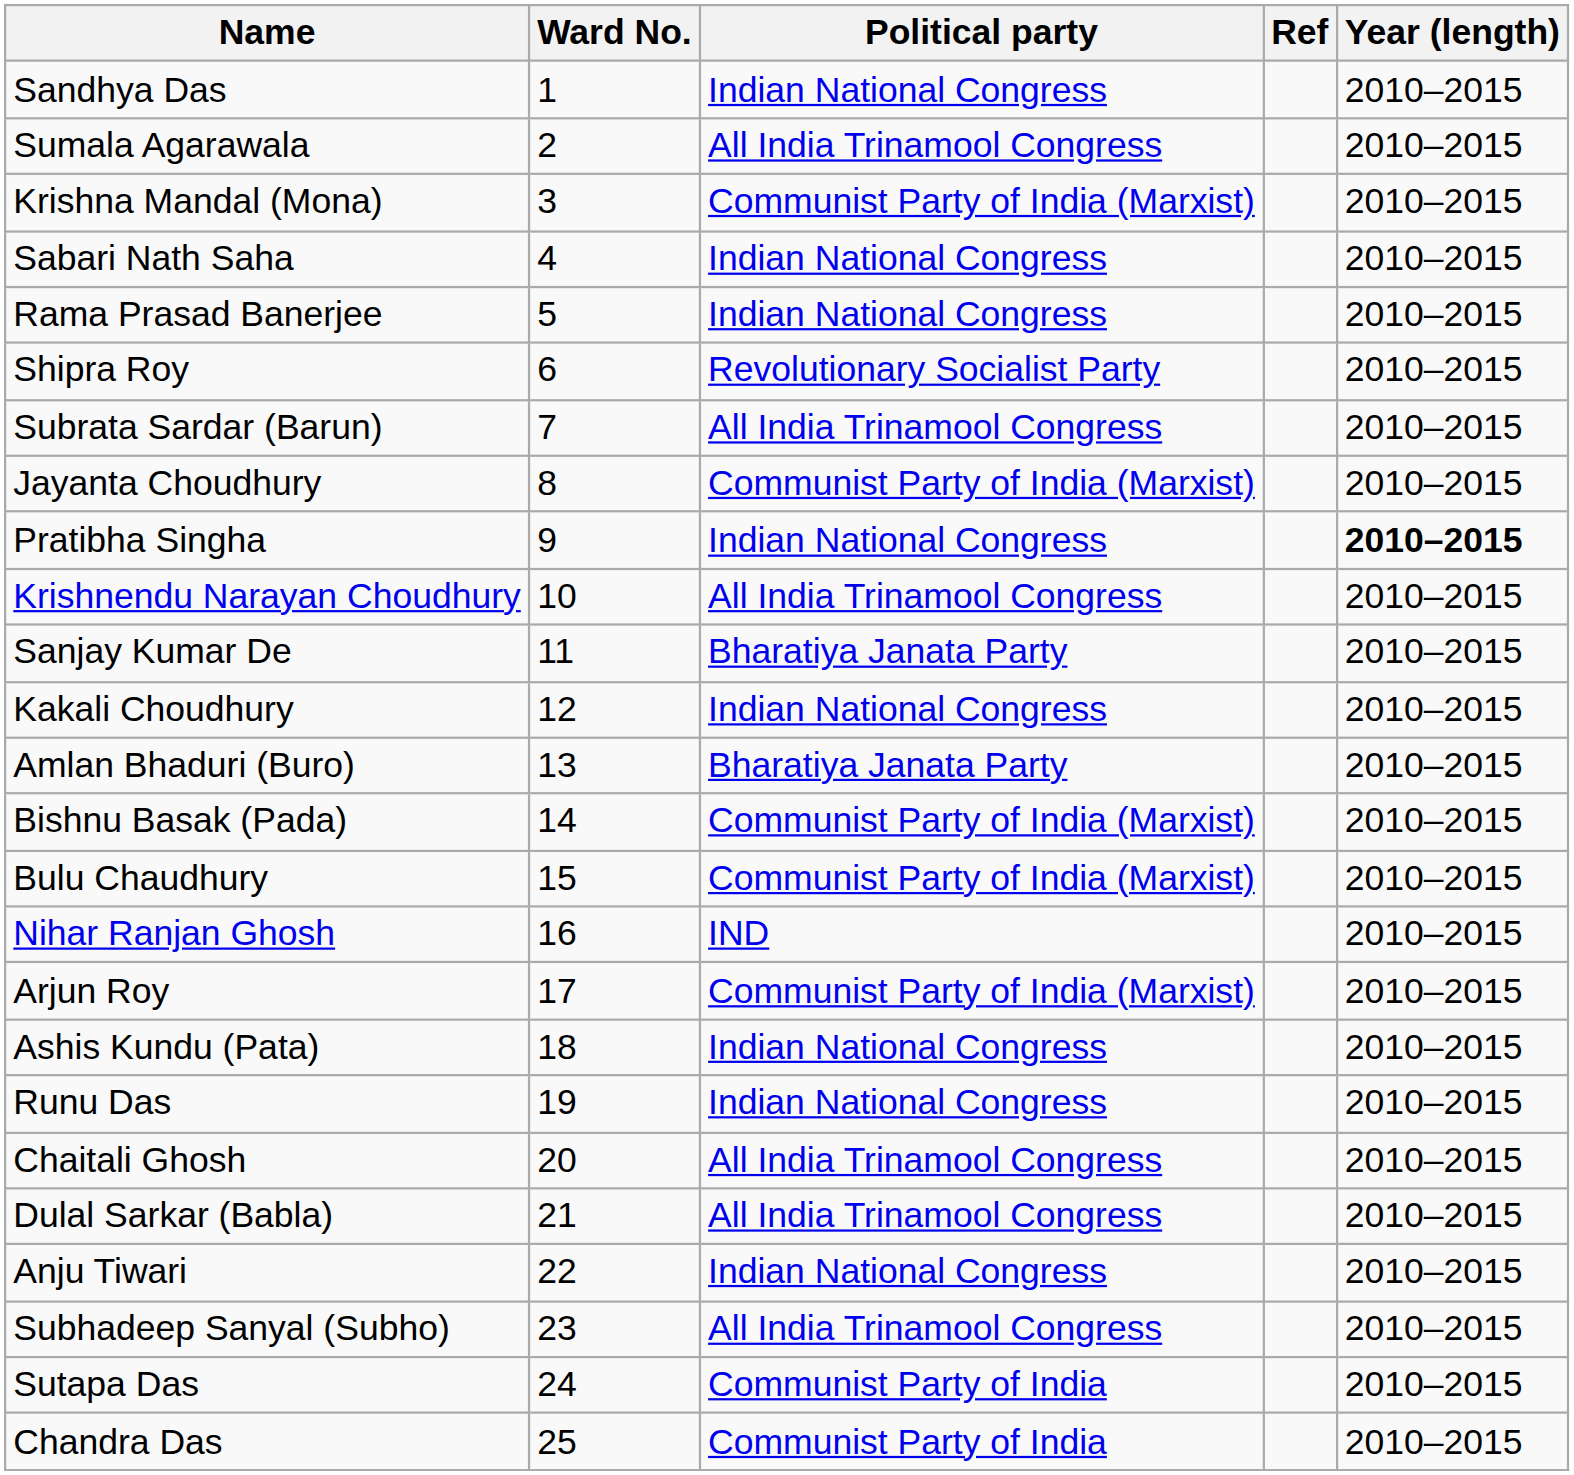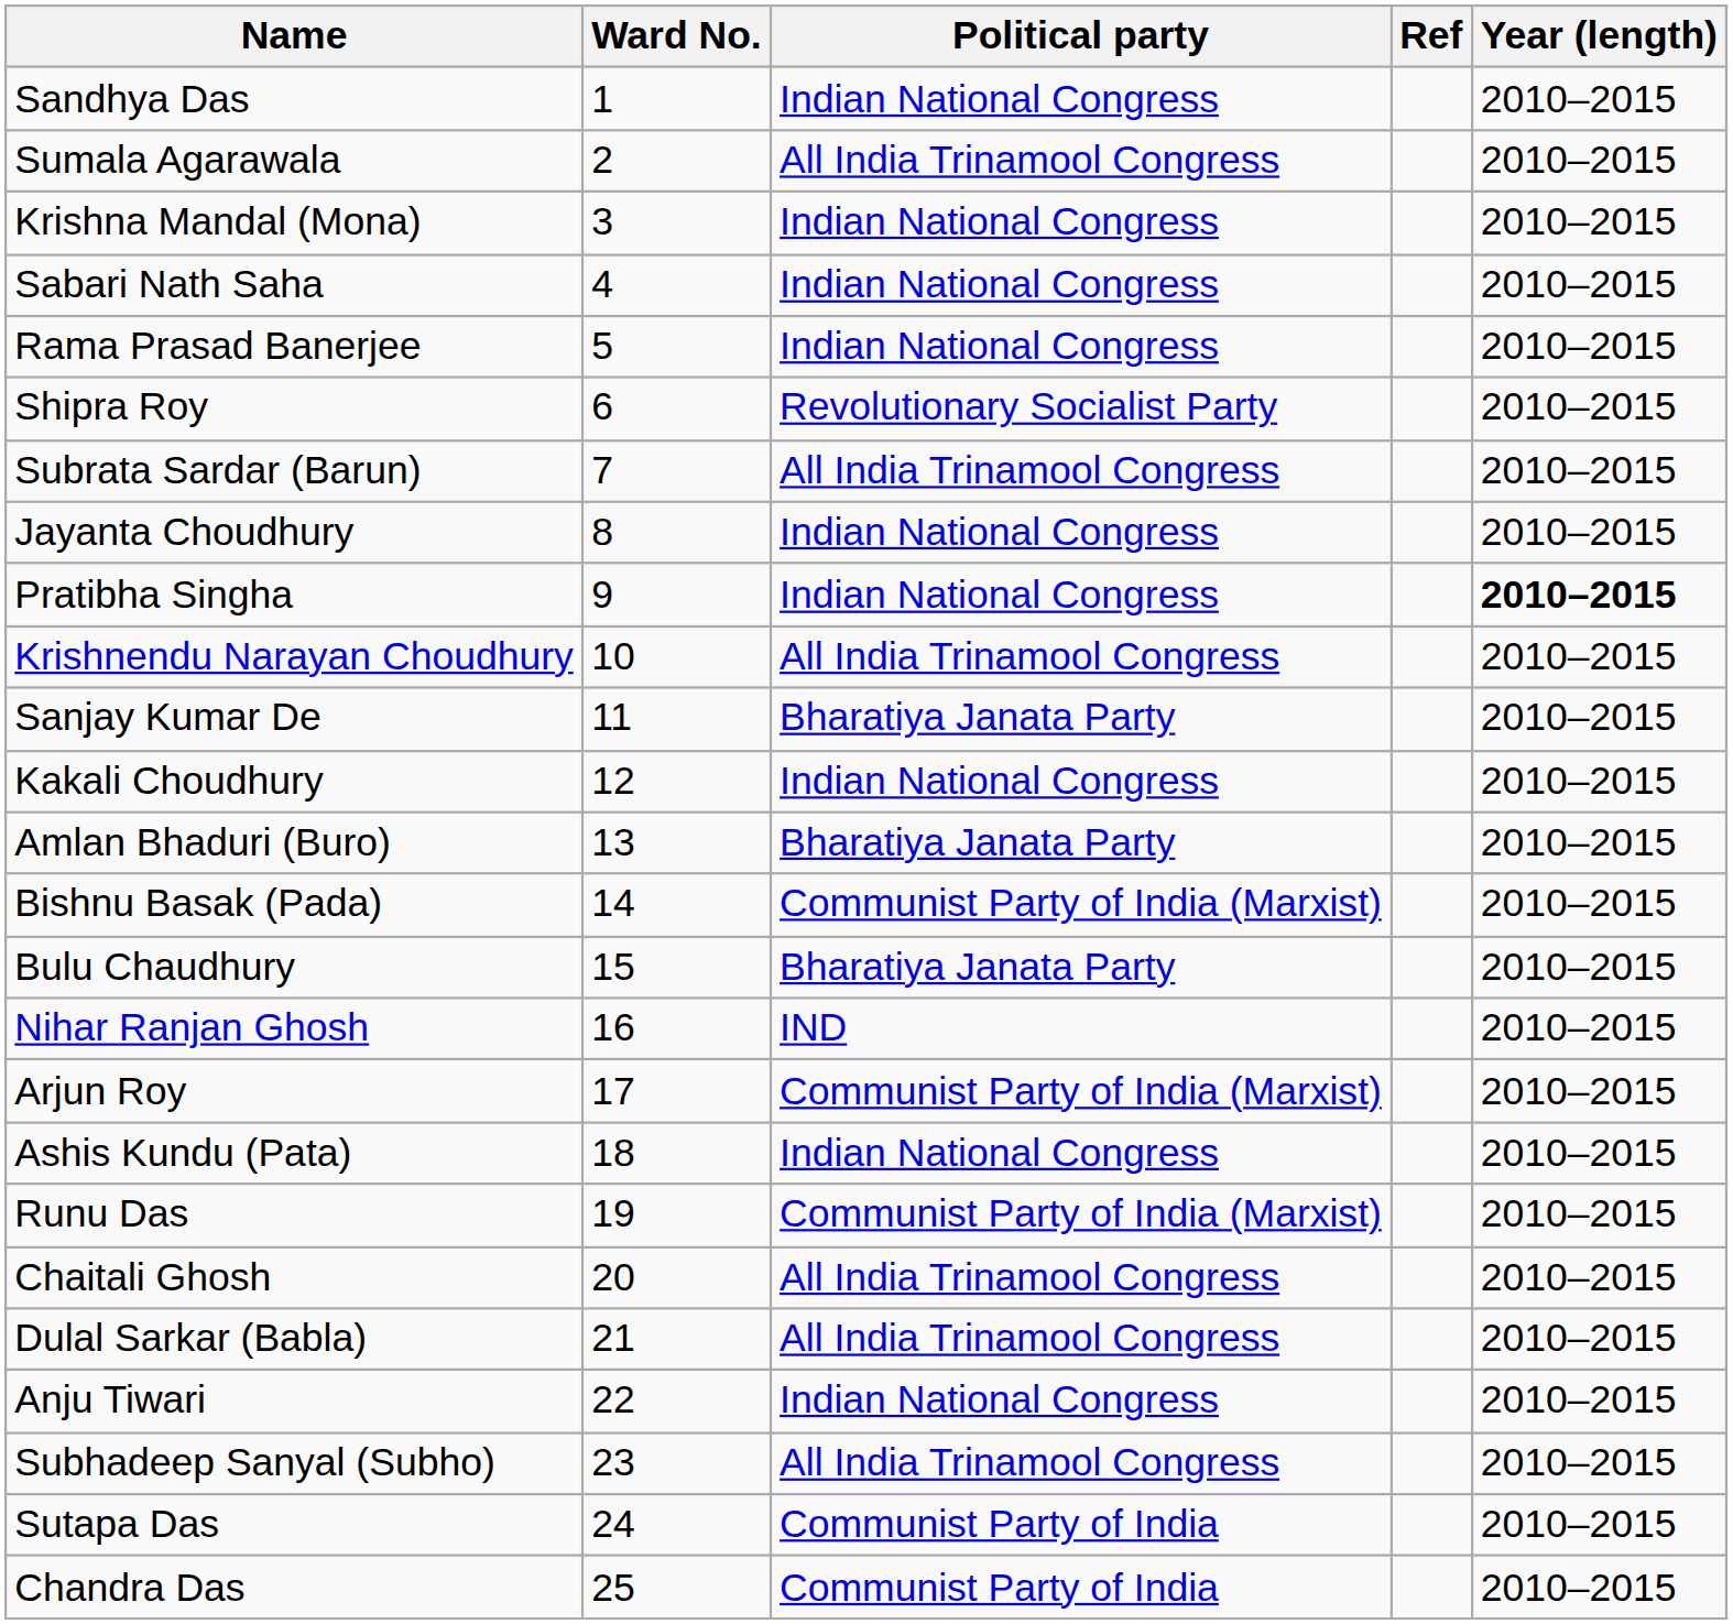 <table class="wikitable">
 <tr>
 <th>Name</th>
 <th>Ward No.</th>
 <th>Political party</th>
 <th scope=col class=unsortable>Ref</th>
 <th>Year (length)</th>
 </tr>
 <tr>
 <td>Sandhya Das</td>
 <td>1</td>
 <td><a href='#'>Indian National Congress</a></td>
 <td width="4px"></td>
 <td>2010–2015</td>
 </tr>
 <tr>
 <td>Sumala Agarawala</td>
 <td>2</td>
 <td><a href='#'>All India Trinamool Congress</a></td>
 <td width="4px"></td>
 <td>2010–2015</td>
 </tr>
 <tr>
 <td>Krishna Mandal (Mona)</td>
 <td>3</td>
-<td><a href='#'>Communist Party of India (Marxist)</a></td>
+<td><a href='#'>Indian National Congress</a></td>
 <td width="4px"></td>
 <td>2010–2015</td>
 </tr>
 <tr>
 <td>Sabari Nath Saha</td>
 <td>4</td>
 <td><a href='#'>Indian National Congress</a></td>
 <td width="4px"></td>
 <td>2010–2015</td>
 </tr>
 <tr>
 <td>Rama Prasad Banerjee</td>
 <td>5</td>
 <td><a href='#'>Indian National Congress</a></td>
 <td width="4px"></td>
 <td>2010–2015</td>
 </tr>
 <tr>
 <td>Shipra Roy</td>
 <td>6</td>
 <td><a href='#'>Revolutionary Socialist Party</a></td>
 <td width="4px"></td>
 <td>2010–2015</td>
 </tr>
 <tr>
 <td>Subrata Sardar (Barun)</td>
 <td>7</td>
 <td><a href='#'>All India Trinamool Congress</a></td>
 <td width="4px"></td>
 <td>2010–2015</td>
 </tr>
 <tr>
 <td>Jayanta Choudhury</td>
 <td>8</td>
-<td><a href='#'>Communist Party of India (Marxist)</a></td>
+<td><a href='#'>Indian National Congress</a></td>
 <td width="4px"></td>
 <td>2010–2015</td>
 </tr>
 <tr>
 <td>Pratibha Singha</td>
 <td>9</td>
 <td><a href='#'>Indian National Congress</a></td>
 <td width="4px"></td>
 <td><strong>2010–2015</strong></td>
 </tr>
 <tr>
 <td><a href='#'>Krishnendu Narayan Choudhury</a></td>
 <td>10</td>
 <td><a href='#'>All India Trinamool Congress</a></td>
 <td width="4px"></td>
 <td>2010–2015</td>
 </tr>
 <tr>
 <td>Sanjay Kumar De</td>
 <td>11</td>
 <td><a href='#'>Bharatiya Janata Party</a></td>
 <td width="4px"></td>
 <td>2010–2015</td>
 </tr>
 <tr>
 <td>Kakali Choudhury</td>
 <td>12</td>
 <td><a href='#'>Indian National Congress</a></td>
 <td width="4px"></td>
 <td>2010–2015</td>
 </tr>
 <tr>
 <td>Amlan Bhaduri (Buro)</td>
 <td>13</td>
 <td><a href='#'>Bharatiya Janata Party</a></td>
 <td width="4px"></td>
 <td>2010–2015</td>
 </tr>
 <tr>
 <td>Bishnu Basak (Pada)</td>
 <td>14</td>
 <td><a href='#'>Communist Party of India (Marxist)</a></td>
 <td width="4px"></td>
 <td>2010–2015</td>
 </tr>
 <tr>
 <td>Bulu Chaudhury</td>
 <td>15</td>
-<td><a href='#'>Communist Party of India (Marxist)</a></td>
+<td><a href='#'>Bharatiya Janata Party</a></td>
 <td width="4px"></td>
 <td>2010–2015</td>
 </tr>
 <tr>
 <td><a href='#'>Nihar Ranjan Ghosh</a></td>
 <td>16</td>
 <td><a href='#'>IND</a></td>
 <td width="4px"></td>
 <td>2010–2015</td>
 </tr>
 <tr>
 <td>Arjun Roy</td>
 <td>17</td>
 <td><a href='#'>Communist Party of India (Marxist)</a></td>
 <td width="4px"></td>
 <td>2010–2015</td>
 </tr>
 <tr>
 <td>Ashis Kundu (Pata)</td>
 <td>18</td>
 <td><a href='#'>Indian National Congress</a></td>
 <td width="4px"></td>
 <td>2010–2015</td>
 </tr>
 <tr>
 <td>Runu Das</td>
 <td>19</td>
-<td><a href='#'>Indian National Congress</a></td>
+<td><a href='#'>Communist Party of India (Marxist)</a></td>
 <td width="4px"></td>
 <td>2010–2015</td>
 </tr>
 <tr>
 <td>Chaitali Ghosh</td>
 <td>20</td>
 <td><a href='#'>All India Trinamool Congress</a></td>
 <td width="4px"></td>
 <td>2010–2015</td>
 </tr>
 <tr>
 <td>Dulal Sarkar (Babla)</td>
 <td>21</td>
 <td><a href='#'>All India Trinamool Congress</a></td>
 <td width="4px"></td>
 <td>2010–2015</td>
 </tr>
 <tr>
 <td>Anju Tiwari</td>
 <td>22</td>
 <td><a href='#'>Indian National Congress</a></td>
 <td width="4px"></td>
 <td>2010–2015</td>
 </tr>
 <tr>
 <td>Subhadeep Sanyal (Subho)</td>
 <td>23</td>
 <td><a href='#'>All India Trinamool Congress</a></td>
 <td width="4px"></td>
 <td>2010–2015</td>
 </tr>
 <tr>
 <td>Sutapa Das</td>
 <td>24</td>
 <td><a href='#'>Communist Party of India</a></td>
 <td width="4px"></td>
 <td>2010–2015</td>
 </tr>
 <tr>
 <td>Chandra Das</td>
 <td>25</td>
 <td><a href='#'>Communist Party of India</a></td>
 <td width="4px"></td>
 <td>2010–2015</td>
 </tr>
 <tr>
 </tr>
 </table>
